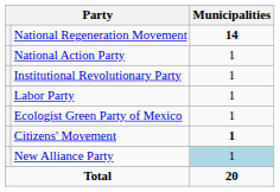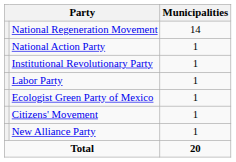 <table class="wikitable" style="text-align:center;">
 <tr>
 <th colspan="2">Party</th>
 <th>Municipalities</th>
 </tr>
 <tr>
 <th style="background-color:"></th>
 <td style="text-align:left;"><a href='#'>National Regeneration Movement</a></td>
-<td><strong>14</strong></td>
+<td>14</td>
 </tr>
 <tr>
 <th style="background-color:"></th>
 <td style="text-align:left;"><a href='#'>National Action Party</a></td>
 <td>1</td>
 </tr>
 <tr>
 <th style="background-color:"></th>
 <td style="text-align:left;"><a href='#'>Institutional Revolutionary Party</a></td>
 <td>1</td>
 </tr>
 <tr>
 <th style="background-color:"></th>
 <td style="text-align:left;"><a href='#'>Labor Party</a></td>
 <td>1</td>
 </tr>
 <tr>
 <th style="background-color:"></th>
 <td style="text-align:left;"><a href='#'>Ecologist Green Party of Mexico</a></td>
 <td>1</td>
 </tr>
 <tr>
 <th style="background-color:"></th>
 <td style="text-align:left;"><a href='#'>Citizens' Movement</a></td>
-<td><strong>1</strong></td>
+<td>1</td>
 </tr>
 <tr>
 <th style="background-color:"></th>
 <td style="text-align:left;"><a href='#'>New Alliance Party</a></td>
-<td style="background: lightblue;">1</td>
+<td>1</td>
 </tr>
 <tr>
 <td colspan="2"><strong>Total</strong></td>
 <td><strong>20</strong></td>
 </tr>
 </table>
